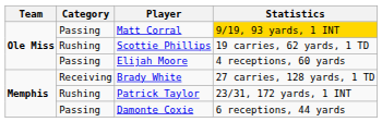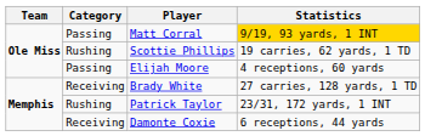 <table class="wikitable" style="float: right;">
 <tr>
 <th>Team</th>
 <th>Category</th>
 <th>Player</th>
 <th>Statistics</th>
 </tr>
 <tr>
 <td rowspan=3><strong>Ole Miss</strong></td>
 <td>Passing</td>
 <td><a href='#'>Matt Corral</a></td>
 <td style="background: gold;">9/19, 93 yards, 1 INT</td>
 </tr>
 <tr>
 <td>Rushing</td>
 <td><a href='#'>Scottie Phillips</a></td>
 <td>19 carries, 62 yards, 1 TD</td>
 </tr>
 <tr>
 <td>Passing</td>
 <td><a href='#'>Elijah Moore</a></td>
 <td>4 receptions, 60 yards</td>
 </tr>
 <tr>
 <td rowspan=3><strong>Memphis</strong></td>
 <td>Receiving</td>
 <td><a href='#'>Brady White</a></td>
 <td>27 carries, 128 yards, 1 TD</td>
 </tr>
 <tr>
 <td>Rushing</td>
 <td><a href='#'>Patrick Taylor</a></td>
 <td>23/31, 172 yards, 1 INT</td>
 </tr>
 <tr>
-<td>Passing</td>
+<td>Receiving</td>
 <td><a href='#'>Damonte Coxie</a></td>
 <td>6 receptions, 44 yards</td>
 </tr>
 </table>
